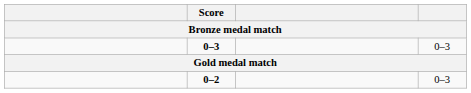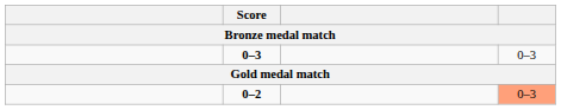 <table class="wikitable" style="text-align: left;">
 <tr>
 <th align="right" width="270"></th>
 <th width="65">Score</th>
 <th align="left" width="270"></th>
 <th width="65"></th>
 </tr>
 <tr>
 <th colspan=4>Bronze medal match</th>
 </tr>
 <tr>
 <td></td>
 <td align="center"><strong>0–3</strong></td>
 <td><strong></strong></td>
 <td align=center>0–3 <strong></strong></td>
 </tr>
 <tr>
 <th colspan=4>Gold medal match</th>
 </tr>
 <tr>
 <td></td>
 <td align="center"><strong>0–2</strong></td>
 <td><strong></strong></td>
-<td align=center>0–3 <strong></strong></td>
+<td align=center style="background: lightsalmon;">0–3 <strong></strong></td>
 </tr>
 </table>
